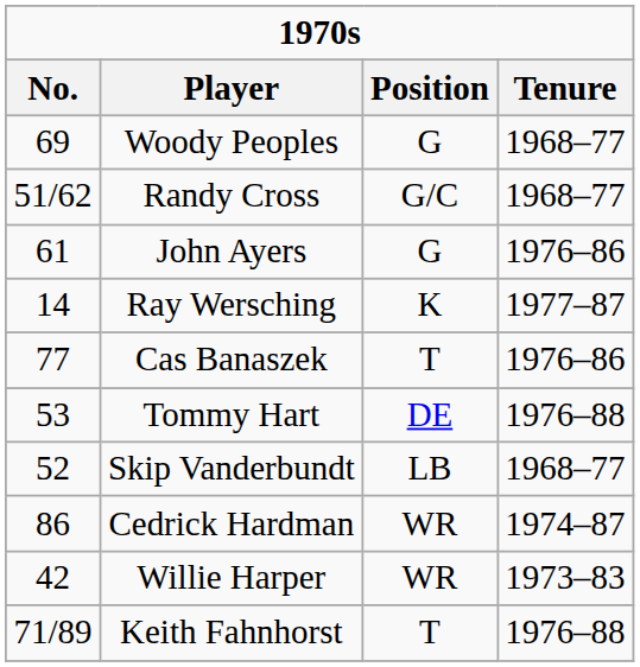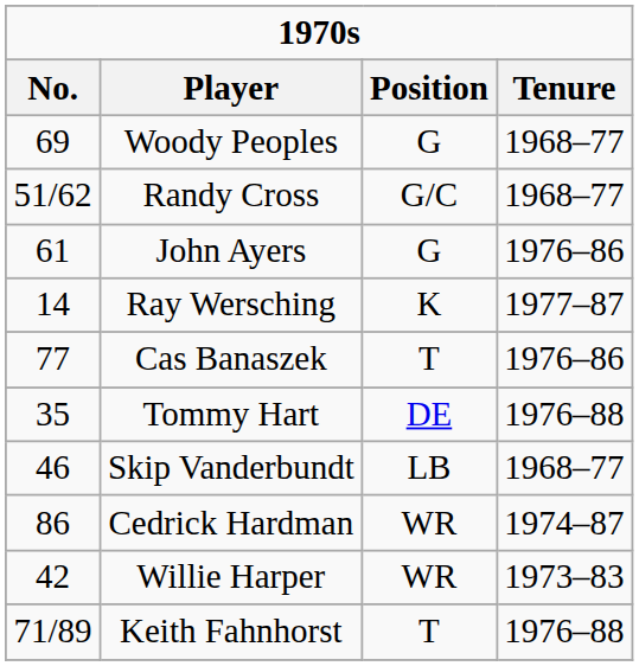 <table class="wikitable" style="text-align:center">
 <tr>
 <td colspan="4"><strong>1970s</strong></td>
 </tr>
 <tr>
 <th>No.</th>
 <th>Player</th>
 <th>Position</th>
 <th>Tenure</th>
 </tr>
 <tr>
 <td>69</td>
 <td>Woody Peoples</td>
 <td>G</td>
 <td>1968–77</td>
 </tr>
 <tr>
 <td>51/62</td>
 <td>Randy Cross</td>
 <td>G/C</td>
 <td>1968–77</td>
 </tr>
 <tr>
 <td>61</td>
 <td>John Ayers</td>
 <td>G</td>
 <td>1976–86</td>
 </tr>
 <tr>
 <td>14</td>
 <td>Ray Wersching</td>
 <td>K</td>
 <td>1977–87</td>
 </tr>
 <tr>
 <td>77</td>
 <td>Cas Banaszek</td>
 <td>T</td>
 <td>1976–86</td>
 </tr>
 <tr>
-<td>53</td>
+<td>35</td>
 <td>Tommy Hart</td>
 <td><a href='#'>DE</a></td>
 <td>1976–88</td>
 </tr>
 <tr>
-<td>52</td>
+<td>46</td>
 <td>Skip Vanderbundt</td>
 <td>LB</td>
 <td>1968–77</td>
 </tr>
 <tr>
 <td>86</td>
 <td>Cedrick Hardman</td>
 <td>WR</td>
 <td>1974–87</td>
 </tr>
 <tr>
 <td>42</td>
 <td>Willie Harper</td>
 <td>WR</td>
 <td>1973–83</td>
 </tr>
 <tr>
 <td>71/89</td>
 <td>Keith Fahnhorst</td>
 <td>T</td>
 <td>1976–88</td>
 </tr>
 </table>
